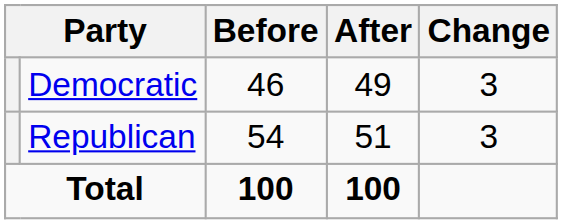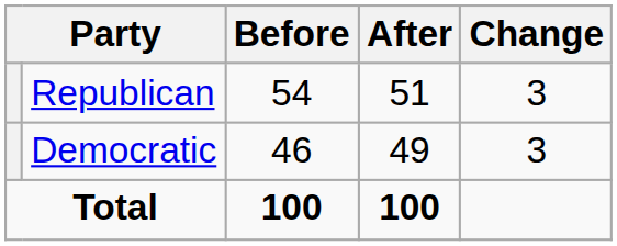 <table class="wikitable" style="text-align:center;">
 <tr>
 <th colspan="2">Party</th>
 <th>Before</th>
 <th>After</th>
 <th>Change</th>
 </tr>
 <tr>
 <th style="background-color:"></th>
-<td style="text-align:left;"><a href='#'>Democratic</a></td>
-<td>46</td>
-<td>49</td>
+<td style="text-align:left;"><a href='#'>Republican</a></td>
+<td>54</td>
+<td>51</td>
 <td> 3</td>
 </tr>
 <tr>
 <th style="background-color:"></th>
-<td style="text-align:left;"><a href='#'>Republican</a></td>
-<td>54</td>
-<td>51</td>
+<td style="text-align:left;"><a href='#'>Democratic</a></td>
+<td>46</td>
+<td>49</td>
 <td> 3</td>
 </tr>
 <tr>
 <td colspan="2"><strong>Total</strong></td>
 <td><strong>100</strong></td>
 <td><strong>100</strong></td>
 <td></td>
 </tr>
 </table>
